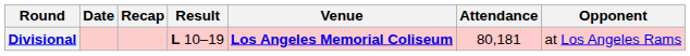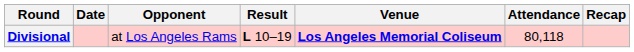 <table class="wikitable" style="text-align:center">
 <tr>
 <th>Round</th>
 <th>Date</th>
-<th>Recap</th>
+<th>Opponent</th>
 <th>Result</th>
 <th>Venue</th>
 <th>Attendance</th>
-<th>Opponent</th>
+<th>Recap</th>
 </tr>
 <tr style="background:#fcc">
 <th><a href='#'>Divisional</a></th>
 <td></td>
-<td></td>
+<td>at <a href='#'>Los Angeles Rams</a></td>
 <td><strong>L</strong> 10–19</td>
 <td><strong><a href='#'>Los Angeles Memorial Coliseum</a></strong></td>
-<td>80,181</td>
-<td>at <a href='#'>Los Angeles Rams</a></td>
+<td>80,118</td>
+<td></td>
 </tr>
 </table>
